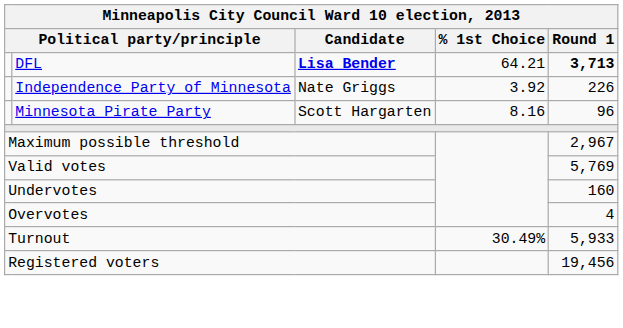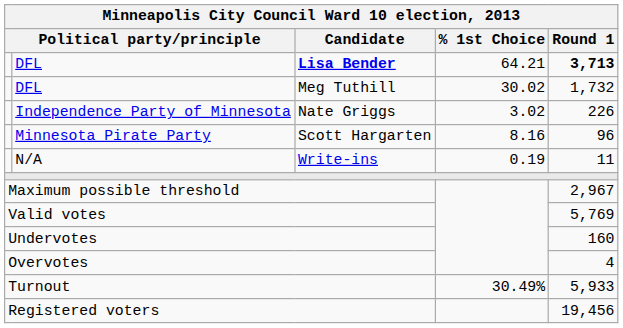 <table class="wikitable" style="font-size:95%">
 <tr>
 <th colspan="5">Minneapolis City Council Ward 10 election, 2013</th>
 </tr>
 <tr>
 <th colspan="2">Political party/principle</th>
 <th>Candidate</th>
 <th>% 1st Choice</th>
 <th>Round 1</th>
 </tr>
 <tr>
 <td style="background-color:"></td>
 <td><a href='#'>DFL</a></td>
 <td><strong><a href='#'>Lisa Bender</a></strong></td>
 <td align="right">64.21</td>
 <td align="right"><strong>3,713</strong></td>
 </tr>
 <tr>
 <td style="background-color:"></td>
+<td><a href='#'>DFL</a></td>
+<td>Meg Tuthill</td>
+<td align="right">30.02</td>
+<td align="right">1,732</td>
+</tr>
+<tr>
+<td style="background-color:"></td>
 <td><a href='#'>Independence Party of Minnesota</a></td>
 <td>Nate Griggs</td>
-<td align="right">3.92</td>
+<td align="right">3.02</td>
 <td align="right">226</td>
 </tr>
 <tr>
 <td style="background-color:"></td>
 <td><a href='#'>Minnesota Pirate Party</a></td>
 <td>Scott Hargarten</td>
 <td align="right">8.16</td>
 <td align="right">96</td>
+</tr>
+<tr>
+<td style="background-color:"></td>
+<td>N/A</td>
+<td><a href='#'>Write-ins</a></td>
+<td align="right">0.19</td>
+<td align="right">11</td>
 </tr>
 <tr>
 <td colspan="5" style="background: #E9E9E9"></td>
 </tr>
 <tr>
 <td colspan="3">Maximum possible threshold</td>
 <td rowspan="4"></td>
 <td align="right">2,967</td>
 </tr>
 <tr>
 <td colspan="3">Valid votes</td>
 <td align="right">5,769</td>
 </tr>
 <tr>
 <td colspan="3">Undervotes</td>
 <td align="right">160</td>
 </tr>
 <tr>
 <td colspan="3">Overvotes</td>
 <td align="right">4</td>
 </tr>
 <tr>
 <td colspan="3">Turnout</td>
 <td align="right">30.49%</td>
 <td align="right">5,933</td>
 </tr>
 <tr>
 <td colspan="3">Registered voters</td>
 <td></td>
 <td align="right">19,456</td>
 </tr>
 </table>
